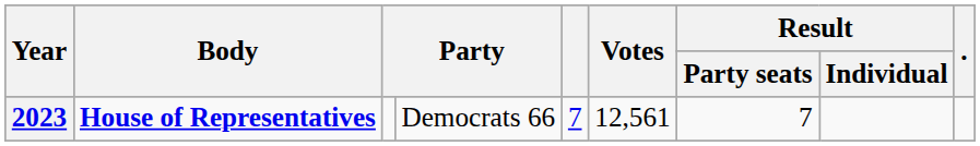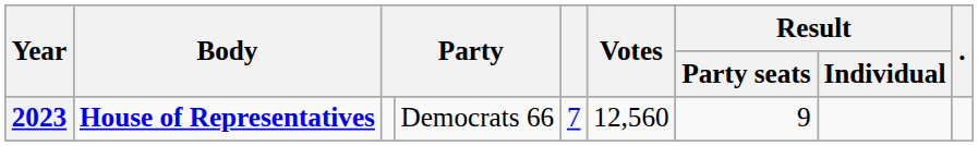 <table class="wikitable plainrowheaders sortable" border=2 cellpadding=4 cellspacing=0 style="border: 1px #aaa solid; font-size: 90%; text-align:center;">
 <tr>
 <th scope="col" rowspan=2>Year</th>
 <th scope="col" rowspan=2>Body</th>
 <th scope="col" colspan=2 rowspan=2>Party</th>
 <th scope="col" rowspan=2></th>
 <th scope="col" rowspan=2>Votes</th>
 <th scope="colgroup" colspan=2>Result</th>
 <th scope="col" rowspan=2 class="unsortable">.</th>
 </tr>
 <tr>
 <th scope="col">Party seats</th>
 <th scope="col">Individual</th>
 </tr>
 <tr>
 <th scope="row"><a href='#'>2023</a></th>
 <td><strong><a href='#'>House of Representatives</a></strong></td>
 <td style="background-color:"></td>
 <td>Democrats 66</td>
 <td style=text-align:right><a href='#'>7</a></td>
-<td style=text-align:right>12,561</td>
-<td style=text-align:right>7</td>
+<td style=text-align:right>12,560</td>
+<td style=text-align:right>9</td>
 <td></td>
 <td></td>
 </tr>
 </table>
